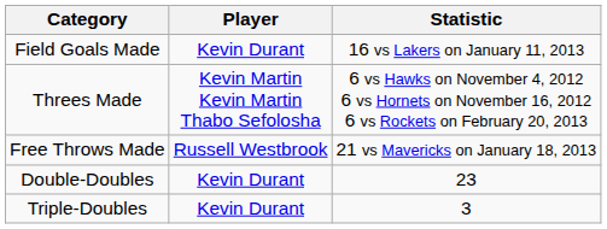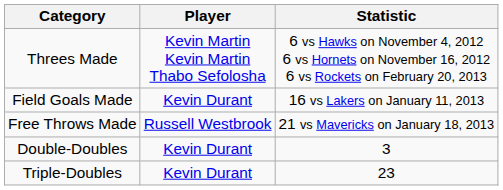 <table class="wikitable sortable sortable" style="text-align: center">
 <tr>
 <th>Category</th>
 <th>Player</th>
 <th>Statistic</th>
 </tr>
 <tr style="text-align: center">
+<td>Threes Made</td>
+<td><a href='#'>Kevin Martin</a><br><a href='#'>Kevin Martin</a><br><a href='#'>Thabo Sefolosha</a></td>
+<td>6 <small>vs <a href='#'>Hawks</a> on November 4, 2012</small><br>6 <small>vs <a href='#'>Hornets</a> on November 16, 2012</small><br>6 <small>vs <a href='#'>Rockets</a> on February 20, 2013</small></td>
+</tr>
+<tr style="text-align: center">
 <td>Field Goals Made</td>
 <td><a href='#'>Kevin Durant</a></td>
 <td>16 <small>vs <a href='#'>Lakers</a> on January 11, 2013</small></td>
-</tr>
-<tr style="text-align: center">
-<td>Threes Made</td>
-<td><a href='#'>Kevin Martin</a><br><a href='#'>Kevin Martin</a><br><a href='#'>Thabo Sefolosha</a></td>
-<td>6 <small>vs <a href='#'>Hawks</a> on November 4, 2012</small><br>6 <small>vs <a href='#'>Hornets</a> on November 16, 2012</small><br>6 <small>vs <a href='#'>Rockets</a> on February 20, 2013</small></td>
 </tr>
 <tr style="text-align: center">
 <td>Free Throws Made</td>
 <td><a href='#'>Russell Westbrook</a></td>
 <td>21 <small>vs <a href='#'>Mavericks</a> on January 18, 2013</small></td>
 </tr>
 <tr style="text-align: center">
 <td>Double-Doubles</td>
 <td><a href='#'>Kevin Durant</a></td>
-<td>23</td>
+<td>3</td>
 </tr>
 <tr style="text-align: center">
 <td>Triple-Doubles</td>
 <td><a href='#'>Kevin Durant</a></td>
-<td>3</td>
+<td>23</td>
 </tr>
 </table>
